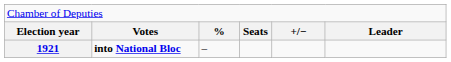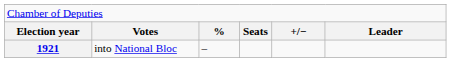 <table class=wikitable style="width:50%; border:1px #AAAAFF solid">
 <tr>
 <td colspan=6><a href='#'>Chamber of Deputies</a></td>
 </tr>
 <tr>
 <th width=13%>Election year</th>
 <th width=16%>Votes</th>
 <th width=6%>%</th>
 <th width=1%>Seats</th>
 <th width=8%>+/−</th>
 <th width=18%>Leader</th>
 </tr>
 <tr>
 <th><a href='#'>1921</a></th>
-<td><strong>into <a href='#'>National Bloc</a></strong></td>
+<td>into <a href='#'>National Bloc</a></td>
 <td>–</td>
 <td></td>
 <td></td>
 <td></td>
 </tr>
 </table>
